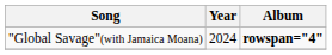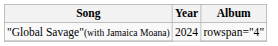 <table class="wikitable">
 <tr>
 <th>Song</th>
 <th>Year</th>
 <th>Album</th>
 </tr>
 <tr>
 <td scope="row">"Global Savage"<small>(with Jamaica Moana)</small></td>
 <td rowspan="2">2024</td>
-<td><strong>rowspan="4" </strong></td>
+<td>rowspan="4" </td>
 </tr>
 <tr>
 </tr>
 </table>
